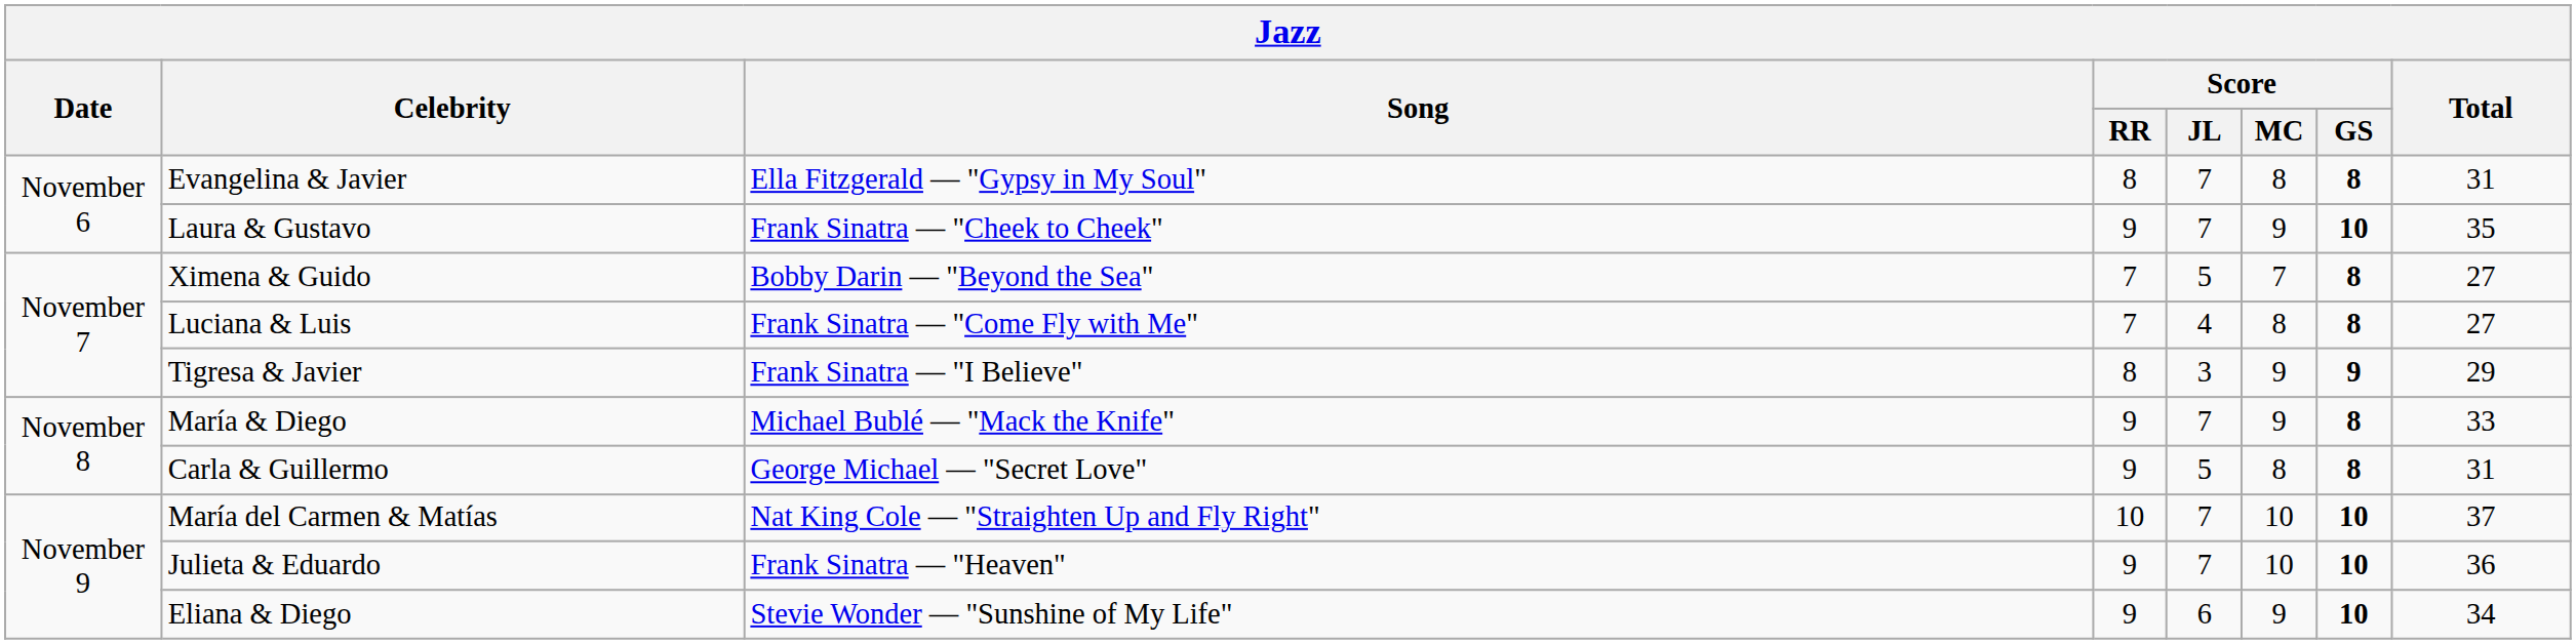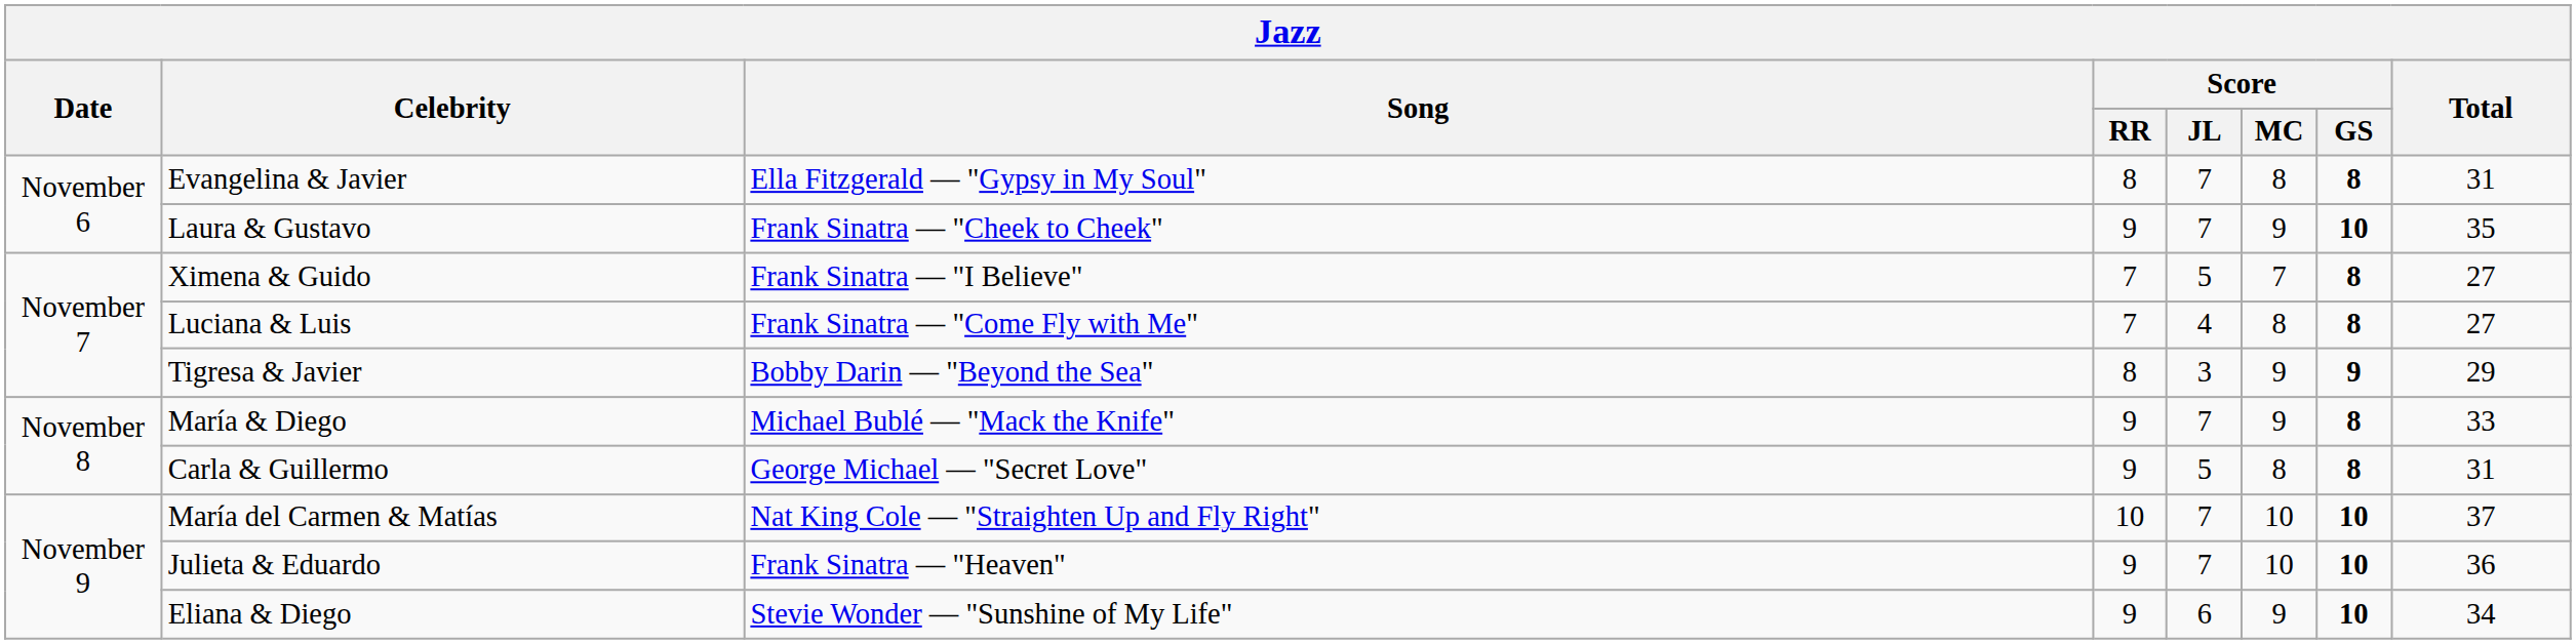 <table class="wikitable collapsible collapsed" style="font-size:90%; text-align: center; width: 100%;">
 <tr>
 <th colspan="11" style="with: 95%;"><big><a href='#'>Jazz</a></big></th>
 </tr>
 <tr>
 <th width=70 rowspan="2">Date</th>
 <th width=280 rowspan="2">Celebrity</th>
 <th rowspan="2">Song</th>
 <th colspan="4">Score</th>
 <th rowspan="2">Total</th>
 </tr>
 <tr>
 <th width=30>RR</th>
 <th width=30>JL</th>
 <th width=30>MC</th>
 <th width=30>GS</th>
 </tr>
 <tr>
 <td rowspan="2">November 6</td>
 <td style="text-align:left;">Evangelina & Javier</td>
 <td style="text-align:left;"><a href='#'>Ella Fitzgerald</a> — "<a href='#'>Gypsy in My Soul</a>"</td>
 <td>8</td>
 <td>7</td>
 <td>8</td>
 <td><strong>8</strong></td>
 <td>31</td>
 </tr>
 <tr>
 <td style="text-align:left;">Laura & Gustavo</td>
 <td style="text-align:left;"><a href='#'>Frank Sinatra</a> — "<a href='#'>Cheek to Cheek</a>"</td>
 <td>9</td>
 <td>7</td>
 <td>9</td>
 <td><strong>10</strong></td>
 <td>35</td>
 </tr>
 <tr>
 <td rowspan="3">November 7</td>
 <td style="text-align:left;">Ximena & Guido</td>
-<td style="text-align:left;"><a href='#'>Bobby Darin</a> — "<a href='#'>Beyond the Sea</a>"</td>
+<td style="text-align:left;"><a href='#'>Frank Sinatra</a> — "I Believe"</td>
 <td>7</td>
 <td>5</td>
 <td>7</td>
 <td><strong>8</strong></td>
 <td>27</td>
 </tr>
 <tr>
 <td style="text-align:left;">Luciana & Luis</td>
 <td style="text-align:left;"><a href='#'>Frank Sinatra</a> — "<a href='#'>Come Fly with Me</a>"</td>
 <td>7</td>
 <td>4</td>
 <td>8</td>
 <td><strong>8</strong></td>
 <td>27</td>
 </tr>
 <tr>
 <td style="text-align:left;">Tigresa & Javier</td>
-<td style="text-align:left;"><a href='#'>Frank Sinatra</a> — "I Believe"</td>
+<td style="text-align:left;"><a href='#'>Bobby Darin</a> — "<a href='#'>Beyond the Sea</a>"</td>
 <td>8</td>
 <td>3</td>
 <td>9</td>
 <td><strong>9</strong></td>
 <td>29</td>
 </tr>
 <tr>
 <td rowspan="2">November 8</td>
 <td style="text-align:left;">María & Diego</td>
 <td style="text-align:left;"><a href='#'>Michael Bublé</a> — "<a href='#'>Mack the Knife</a>"</td>
 <td>9</td>
 <td>7</td>
 <td>9</td>
 <td><strong>8</strong></td>
 <td>33</td>
 </tr>
 <tr>
 <td style="text-align:left;">Carla & Guillermo</td>
 <td style="text-align:left;"><a href='#'>George Michael</a> — "Secret Love"</td>
 <td>9</td>
 <td>5</td>
 <td>8</td>
 <td><strong>8</strong></td>
 <td>31</td>
 </tr>
 <tr>
 <td rowspan="3">November 9</td>
 <td style="text-align:left;">María del Carmen & Matías</td>
 <td style="text-align:left;"><a href='#'>Nat King Cole</a> — "<a href='#'>Straighten Up and Fly Right</a>"</td>
 <td>10</td>
 <td>7</td>
 <td>10</td>
 <td><strong>10</strong></td>
 <td>37</td>
 </tr>
 <tr>
 <td style="text-align:left;">Julieta & Eduardo</td>
 <td style="text-align:left;"><a href='#'>Frank Sinatra</a> — "Heaven"</td>
 <td>9</td>
 <td>7</td>
 <td>10</td>
 <td><strong>10</strong></td>
 <td>36</td>
 </tr>
 <tr>
 <td style="text-align:left;">Eliana & Diego</td>
 <td style="text-align:left;"><a href='#'>Stevie Wonder</a> — "Sunshine of My Life"</td>
 <td>9</td>
 <td>6</td>
 <td>9</td>
 <td><strong>10</strong></td>
 <td>34</td>
 </tr>
 </table>
